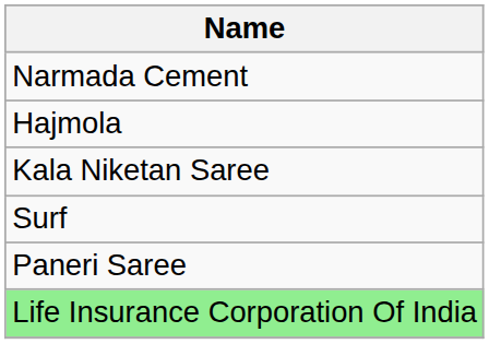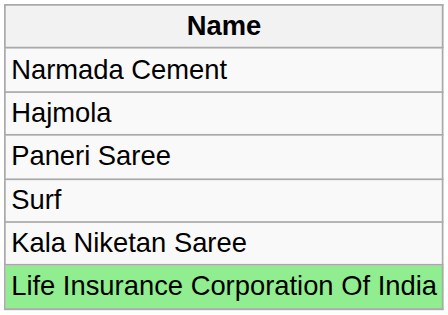 <table class="wikitable">
 <tr style="background:#ccc; text-align:center;">
 <th>Name</th>
 </tr>
 <tr>
 <td>Narmada Cement</td>
 </tr>
 <tr>
 <td>Hajmola</td>
 </tr>
 <tr>
-<td>Kala Niketan Saree</td>
+<td>Paneri Saree</td>
 </tr>
 <tr>
 <td>Surf</td>
 </tr>
 <tr>
-<td>Paneri Saree</td>
+<td>Kala Niketan Saree</td>
 </tr>
 <tr>
 <td style="background: lightgreen;">Life Insurance Corporation Of India</td>
 </tr>
 <tr>
 </tr>
 </table>
